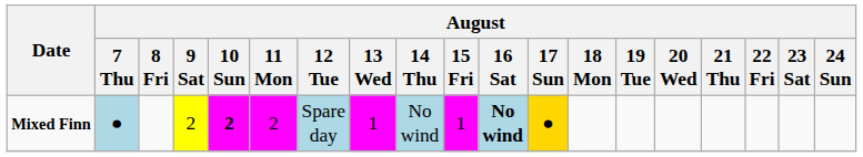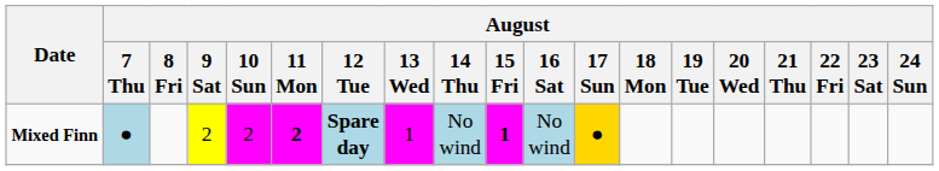 <table class="wikitable" style="margin:0.5em auto; font-size:90%; line-height:1.25em;">
 <tr>
 <th rowspan=2>Date</th>
 <th colspan=18>August</th>
 </tr>
 <tr>
 <th>7<br>Thu</th>
 <th>8<br>Fri</th>
 <th>9<br>Sat</th>
 <th>10<br>Sun</th>
 <th>11<br>Mon</th>
 <th>12<br>Tue</th>
 <th>13<br>Wed</th>
 <th>14<br>Thu</th>
 <th>15<br>Fri</th>
 <th>16<br>Sat</th>
 <th>17<br>Sun</th>
 <th>18<br>Mon</th>
 <th>19<br>Tue</th>
 <th>20<br>Wed</th>
 <th>21<br>Thu</th>
 <th>22<br>Fri</th>
 <th>23<br>Sat</th>
 <th>24<br>Sun</th>
 </tr>
 <tr align="center">
 <td align="right"><small><strong>Mixed Finn</strong></small></td>
 <td bgcolor=LightBlue><span> ● </span></td>
 <td></td>
 <td bgcolor=Yellow><span> 2 </span></td>
+<td bgcolor=Fuchsia><span> 2 </span></td>
 <td bgcolor=Fuchsia><strong><span> 2 </span></strong></td>
-<td bgcolor=Fuchsia><span> 2 </span></td>
-<td bgcolor=LightBlue><span> Spare<br>day </span></td>
+<td bgcolor=LightBlue><strong><span> Spare<br>day </span></strong></td>
 <td bgcolor=Fuchsia><span> 1 </span></td>
 <td bgcolor=LightBlue><span> No<br>wind </span></td>
-<td bgcolor=Fuchsia><span> 1 </span></td>
-<td bgcolor=LightBlue><strong><span> No<br>wind </span></strong></td>
+<td bgcolor=Fuchsia><strong><span> 1 </span></strong></td>
+<td bgcolor=LightBlue><span> No<br>wind </span></td>
 <td bgcolor=Gold><span> ● </span></td>
 <td></td>
 <td></td>
 <td></td>
 <td></td>
 <td></td>
 <td></td>
 <td></td>
 </tr>
 <tr>
 </tr>
 </table>
